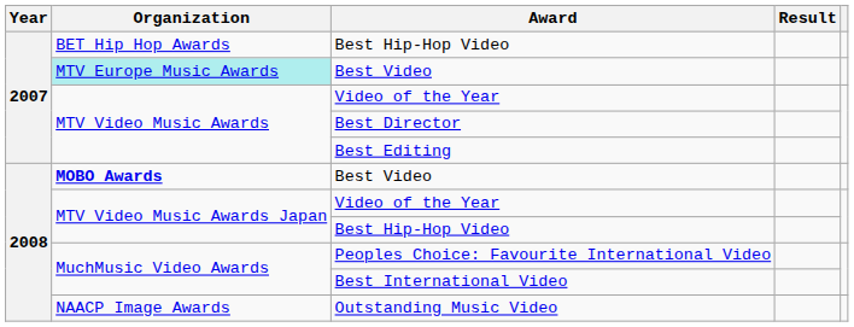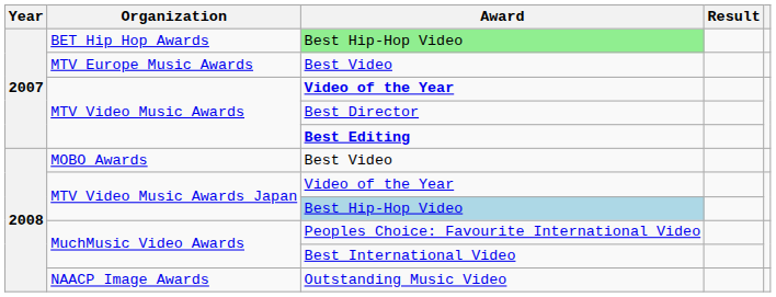 <table class="wikitable sortable plainrowheaders">
 <tr>
 <th scope="col">Year</th>
 <th scope="col">Organization</th>
 <th scope="col">Award</th>
 <th scope="col">Result</th>
 <th scope="col" class="unsortable"></th>
 </tr>
 <tr>
 <th scope="row" rowspan="5">2007</th>
 <td><a href='#'>BET Hip Hop Awards</a></td>
-<td>Best Hip-Hop Video</td>
+<td style="background: lightgreen;">Best Hip-Hop Video</td>
 <td></td>
 <td style="text-align:center;"></td>
 </tr>
 <tr>
-<td style="background: paleturquoise;"><a href='#'>MTV Europe Music Awards</a></td>
+<td><a href='#'>MTV Europe Music Awards</a></td>
 <td><a href='#'>Best Video</a></td>
 <td></td>
 <td style="text-align:center;"></td>
 </tr>
 <tr>
 <td rowspan="3"><a href='#'>MTV Video Music Awards</a></td>
-<td><a href='#'>Video of the Year</a></td>
+<td><strong><a href='#'>Video of the Year</a></strong></td>
 <td></td>
 <td rowspan="3" align="center"></td>
 </tr>
 <tr>
 <td><a href='#'>Best Director</a></td>
 <td></td>
 </tr>
 <tr>
-<td><a href='#'>Best Editing</a></td>
+<td><strong><a href='#'>Best Editing</a></strong></td>
 <td></td>
 </tr>
 <tr>
 <th scope="row" rowspan="6">2008</th>
-<td><strong><a href='#'>MOBO Awards</a></strong></td>
+<td><a href='#'>MOBO Awards</a></td>
 <td>Best Video</td>
 <td></td>
 <td style="text-align:center;"></td>
 </tr>
 <tr>
 <td rowspan="2"><a href='#'>MTV Video Music Awards Japan</a></td>
 <td><a href='#'>Video of the Year</a></td>
 <td></td>
 <td rowspan="2" align="center"></td>
 </tr>
 <tr>
-<td><a href='#'>Best Hip-Hop Video</a></td>
+<td style="background: lightblue;"><a href='#'>Best Hip-Hop Video</a></td>
 <td></td>
 </tr>
 <tr>
 <td rowspan="2"><a href='#'>MuchMusic Video Awards</a></td>
 <td><a href='#'>Peoples Choice: Favourite International Video</a></td>
 <td></td>
 <td rowspan="2" align="center"></td>
 </tr>
 <tr>
 <td><a href='#'>Best International Video</a></td>
 <td></td>
 </tr>
 <tr>
 <td><a href='#'>NAACP Image Awards</a></td>
 <td><a href='#'>Outstanding Music Video</a></td>
 <td></td>
 <td style="text-align:center;"></td>
 </tr>
 </table>
